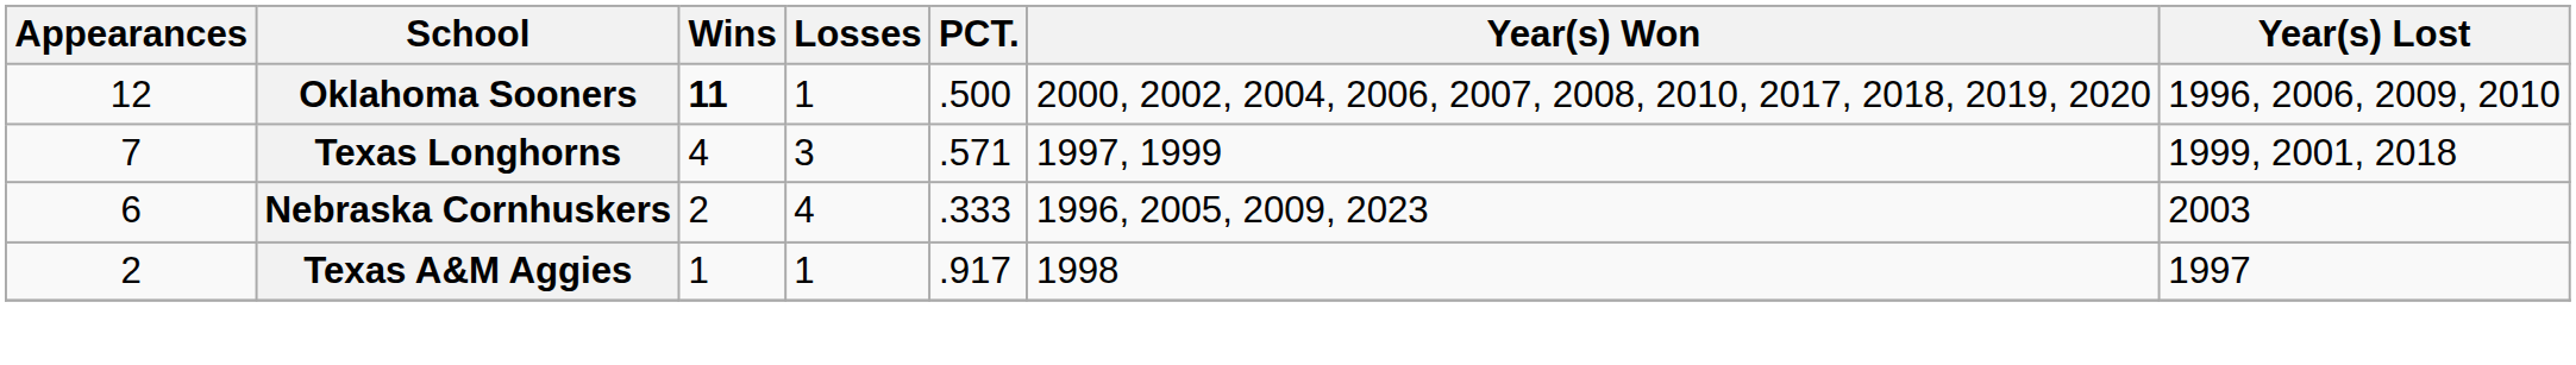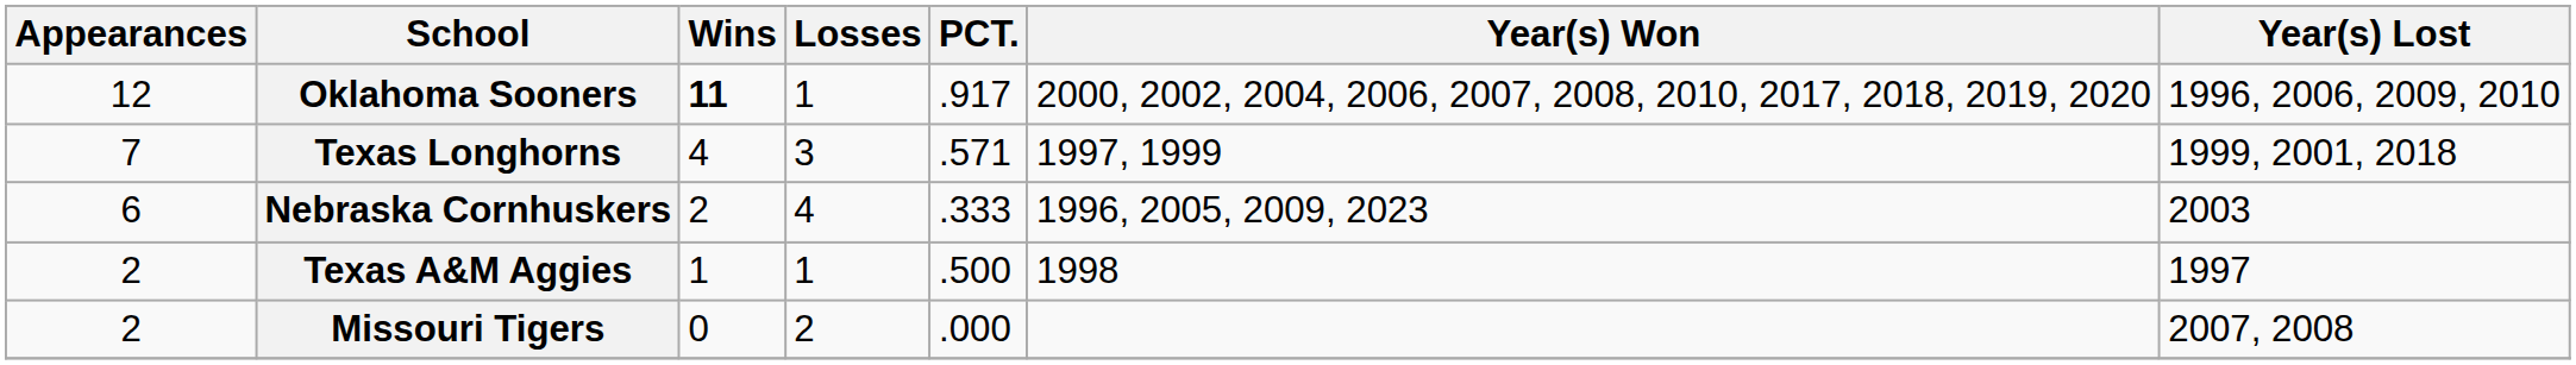 <table class="wikitable sortable">
 <tr>
 <th>Appearances</th>
 <th>School</th>
 <th>Wins</th>
 <th>Losses</th>
 <th>PCT.</th>
 <th>Year(s) Won</th>
 <th>Year(s) Lost</th>
 </tr>
 <tr>
 <td align=center>12</td>
 <th>Oklahoma Sooners</th>
 <td><strong>11</strong></td>
 <td>1</td>
-<td>.500</td>
+<td>.917</td>
 <td>2000, 2002, 2004, 2006, 2007, 2008, 2010, 2017, 2018, 2019, 2020</td>
 <td>1996, 2006, 2009, 2010</td>
 </tr>
 <tr>
 <td align=center>7</td>
 <th>Texas Longhorns</th>
 <td>4</td>
 <td>3</td>
 <td>.571</td>
 <td>1997, 1999</td>
 <td>1999, 2001, 2018</td>
 </tr>
 <tr>
 <td align=center>6</td>
 <th>Nebraska Cornhuskers</th>
 <td>2</td>
 <td>4</td>
 <td>.333</td>
 <td>1996, 2005, 2009, 2023</td>
 <td>2003</td>
 </tr>
 <tr>
 <td align=center>2</td>
 <th>Texas A&M Aggies</th>
 <td>1</td>
 <td>1</td>
-<td>.917</td>
+<td>.500</td>
 <td>1998</td>
 <td>1997</td>
 </tr>
 <tr>
+<td align=center>2</td>
+<th>Missouri Tigers</th>
+<td>0</td>
+<td>2</td>
+<td>.000</td>
+<td></td>
+<td>2007, 2008</td>
+</tr>
+<tr>
 </tr>
 </table>
